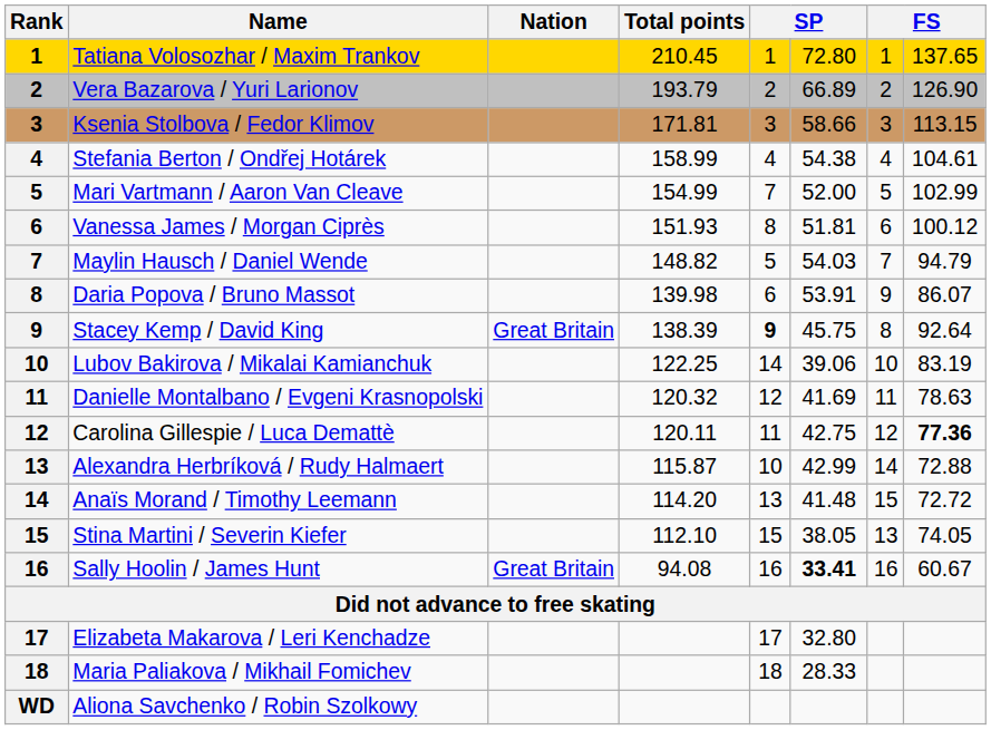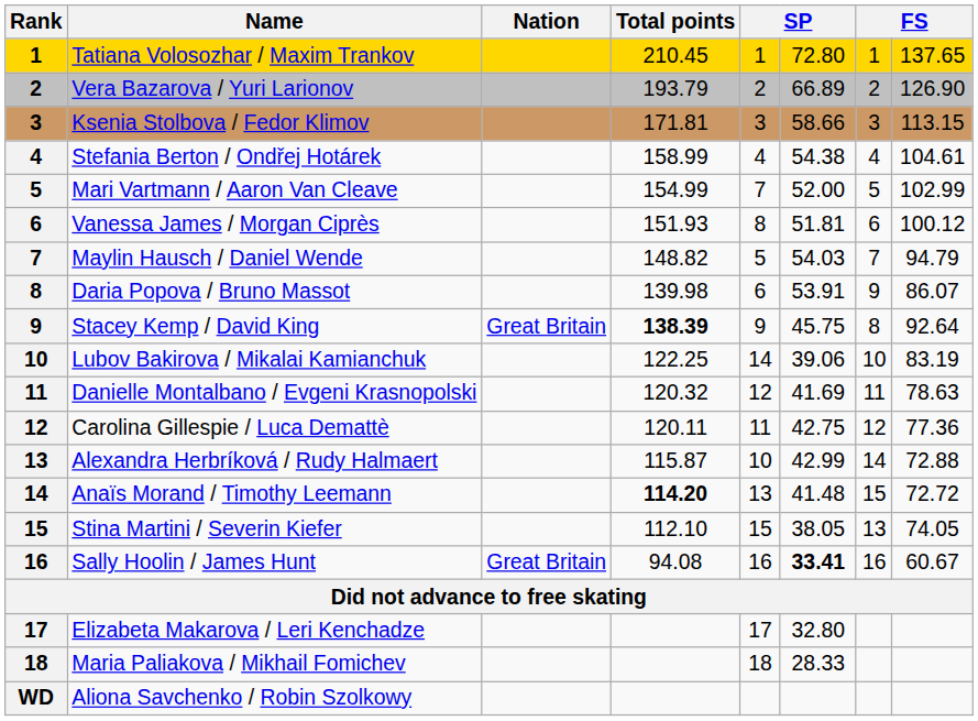 <table class="wikitable sortable">
 <tr>
 <th>Rank</th>
 <th>Name</th>
 <th>Nation</th>
 <th>Total points</th>
 <th colspan="2" width="80px"><a href='#'>SP</a></th>
 <th colspan="2" width="80px"><a href='#'>FS</a></th>
 </tr>
 <tr bgcolor="gold">
 <td align="center"><strong>1</strong></td>
 <td><a href='#'>Tatiana Volosozhar</a> / <a href='#'>Maxim Trankov</a></td>
 <td></td>
 <td align="center">210.45</td>
 <td align="center">1</td>
 <td align="center">72.80</td>
 <td align="center">1</td>
 <td align="center">137.65</td>
 </tr>
 <tr bgcolor="silver">
 <td align="center"><strong>2</strong></td>
 <td><a href='#'>Vera Bazarova</a> / <a href='#'>Yuri Larionov</a></td>
 <td></td>
 <td align="center">193.79</td>
 <td align="center">2</td>
 <td align="center">66.89</td>
 <td align="center">2</td>
 <td align="center">126.90</td>
 </tr>
 <tr bgcolor="cc9966">
 <td align="center"><strong>3</strong></td>
 <td><a href='#'>Ksenia Stolbova</a> / <a href='#'>Fedor Klimov</a></td>
 <td></td>
 <td align="center">171.81</td>
 <td align="center">3</td>
 <td align="center">58.66</td>
 <td align="center">3</td>
 <td align="center">113.15</td>
 </tr>
 <tr>
 <th>4</th>
 <td><a href='#'>Stefania Berton</a> / <a href='#'>Ondřej Hotárek</a></td>
 <td></td>
 <td align="center">158.99</td>
 <td align="center">4</td>
 <td align="center">54.38</td>
 <td align="center">4</td>
 <td align="center">104.61</td>
 </tr>
 <tr>
 <th>5</th>
 <td><a href='#'>Mari Vartmann</a> / <a href='#'>Aaron Van Cleave</a></td>
 <td></td>
 <td align="center">154.99</td>
 <td align="center">7</td>
 <td align="center">52.00</td>
 <td align="center">5</td>
 <td align="center">102.99</td>
 </tr>
 <tr>
 <th>6</th>
 <td><a href='#'>Vanessa James</a> / <a href='#'>Morgan Ciprès</a></td>
 <td></td>
 <td align="center">151.93</td>
 <td align="center">8</td>
 <td align="center">51.81</td>
 <td align="center">6</td>
 <td align="center">100.12</td>
 </tr>
 <tr>
 <th>7</th>
 <td><a href='#'>Maylin Hausch</a> / <a href='#'>Daniel Wende</a></td>
 <td></td>
 <td align="center">148.82</td>
 <td align="center">5</td>
 <td align="center">54.03</td>
 <td align="center">7</td>
 <td align="center">94.79</td>
 </tr>
 <tr>
 <th>8</th>
 <td><a href='#'>Daria Popova</a> / <a href='#'>Bruno Massot</a></td>
 <td></td>
 <td align="center">139.98</td>
 <td align="center">6</td>
 <td align="center">53.91</td>
 <td align="center">9</td>
 <td align="center">86.07</td>
 </tr>
 <tr>
 <th>9</th>
 <td><a href='#'>Stacey Kemp</a> / <a href='#'>David King</a></td>
 <td> <a href='#'>Great Britain</a></td>
-<td align="center">138.39</td>
-<td align="center"><strong>9</strong></td>
+<td align="center"><strong>138.39</strong></td>
+<td align="center">9</td>
 <td align="center">45.75</td>
 <td align="center">8</td>
 <td align="center">92.64</td>
 </tr>
 <tr>
 <th>10</th>
 <td><a href='#'>Lubov Bakirova</a> / <a href='#'>Mikalai Kamianchuk</a></td>
 <td></td>
 <td align="center">122.25</td>
 <td align="center">14</td>
 <td align="center">39.06</td>
 <td align="center">10</td>
 <td align="center">83.19</td>
 </tr>
 <tr>
 <th>11</th>
 <td><a href='#'>Danielle Montalbano</a> / <a href='#'>Evgeni Krasnopolski</a></td>
 <td></td>
 <td align="center">120.32</td>
 <td align="center">12</td>
 <td align="center">41.69</td>
 <td align="center">11</td>
 <td align="center">78.63</td>
 </tr>
 <tr>
 <th>12</th>
 <td>Carolina Gillespie / <a href='#'>Luca Demattè</a></td>
 <td></td>
 <td align="center">120.11</td>
 <td align="center">11</td>
 <td align="center">42.75</td>
 <td align="center">12</td>
-<td align="center"><strong>77.36</strong></td>
+<td align="center">77.36</td>
 </tr>
 <tr>
 <th>13</th>
 <td><a href='#'>Alexandra Herbríková</a> / <a href='#'>Rudy Halmaert</a></td>
 <td></td>
 <td align="center">115.87</td>
 <td align="center">10</td>
 <td align="center">42.99</td>
 <td align="center">14</td>
 <td align="center">72.88</td>
 </tr>
 <tr>
 <th>14</th>
 <td><a href='#'>Anaïs Morand</a> / <a href='#'>Timothy Leemann</a></td>
 <td></td>
-<td align="center">114.20</td>
+<td align="center"><strong>114.20</strong></td>
 <td align="center">13</td>
 <td align="center">41.48</td>
 <td align="center">15</td>
 <td align="center">72.72</td>
 </tr>
 <tr>
 <th>15</th>
 <td><a href='#'>Stina Martini</a> / <a href='#'>Severin Kiefer</a></td>
 <td></td>
 <td align="center">112.10</td>
 <td align="center">15</td>
 <td align="center">38.05</td>
 <td align="center">13</td>
 <td align="center">74.05</td>
 </tr>
 <tr>
 <th>16</th>
 <td><a href='#'>Sally Hoolin</a> / <a href='#'>James Hunt</a></td>
 <td> <a href='#'>Great Britain</a></td>
 <td align="center">94.08</td>
 <td align="center">16</td>
 <td align="center"><strong>33.41</strong></td>
 <td align="center">16</td>
 <td align="center">60.67</td>
 </tr>
 <tr>
 <th colspan=8>Did not advance to free skating</th>
 </tr>
 <tr>
 <th>17</th>
 <td><a href='#'>Elizabeta Makarova</a> / <a href='#'>Leri Kenchadze</a></td>
 <td></td>
 <td></td>
 <td align="center">17</td>
 <td align="center">32.80</td>
 <td></td>
 <td></td>
 </tr>
 <tr>
 <th>18</th>
 <td><a href='#'>Maria Paliakova</a> / <a href='#'>Mikhail Fomichev</a></td>
 <td></td>
 <td></td>
 <td align="center">18</td>
 <td align="center">28.33</td>
 <td></td>
 <td></td>
 </tr>
 <tr>
 <th>WD</th>
 <td><a href='#'>Aliona Savchenko</a> / <a href='#'>Robin Szolkowy</a></td>
 <td></td>
 <td></td>
 <td></td>
 <td></td>
 <td></td>
 <td></td>
 </tr>
 </table>
